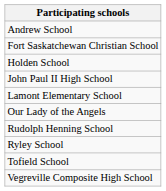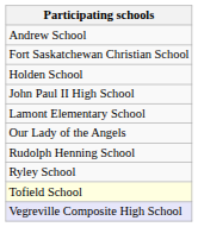 <table class="wikitable" align=right>
 <tr>
 <th>Participating schools</th>
 </tr>
 <tr>
 <td>Andrew School</td>
 </tr>
 <tr>
 <td>Fort Saskatchewan Christian School</td>
 </tr>
 <tr>
 <td>Holden School</td>
 </tr>
 <tr>
 <td>John Paul II High School</td>
 </tr>
 <tr>
 <td>Lamont Elementary School</td>
 </tr>
 <tr>
 <td>Our Lady of the Angels</td>
 </tr>
 <tr>
 <td>Rudolph Henning School</td>
 </tr>
 <tr>
 <td>Ryley School</td>
 </tr>
 <tr>
-<td>Tofield School</td>
+<td style="background: lightyellow;">Tofield School</td>
 </tr>
 <tr>
-<td>Vegreville Composite High School</td>
+<td style="background: lavender;">Vegreville Composite High School</td>
 </tr>
 </table>
